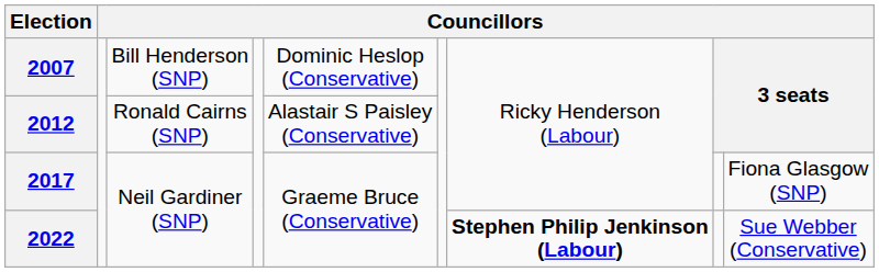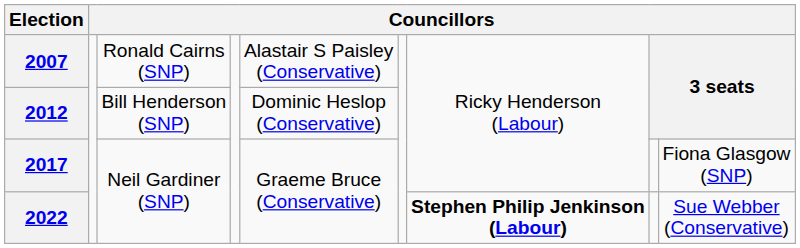 <table class="wikitable" style="text-align:center">
 <tr>
 <th>Election</th>
 <th colspan=8>Councillors</th>
 </tr>
 <tr>
 <th><a href='#'>2007</a></th>
 <td rowspan=4; style="background-color: "></td>
-<td rowspan=1>Bill Henderson<br>(<a href='#'>SNP</a>)</td>
+<td rowspan=1>Ronald Cairns<br>(<a href='#'>SNP</a>)</td>
 <td rowspan=4; style="background-color: "></td>
-<td rowspan=1>Dominic Heslop<br>(<a href='#'>Conservative</a>)</td>
+<td rowspan=1>Alastair S Paisley<br>(<a href='#'>Conservative</a>)</td>
 <td rowspan=4; style="background-color: "></td>
 <td rowspan=3>Ricky Henderson<br>(<a href='#'>Labour</a>)</td>
 <th colspan=2; rowspan=2>3 seats</th>
 </tr>
 <tr>
 <th><a href='#'>2012</a></th>
-<td rowspan=1>Ronald Cairns<br>(<a href='#'>SNP</a>)</td>
-<td rowspan=1>Alastair S Paisley<br>(<a href='#'>Conservative</a>)</td>
+<td rowspan=1>Bill Henderson<br>(<a href='#'>SNP</a>)</td>
+<td rowspan=1>Dominic Heslop<br>(<a href='#'>Conservative</a>)</td>
 </tr>
 <tr>
 <th><a href='#'>2017</a></th>
 <td rowspan=2>Neil Gardiner<br>(<a href='#'>SNP</a>)</td>
 <td rowspan=2>Graeme Bruce<br>(<a href='#'>Conservative</a>)</td>
 <td rowspan=1; style="background-color: "></td>
 <td rowspan=1>Fiona Glasgow<br>(<a href='#'>SNP</a>)</td>
 </tr>
 <tr>
 <th><a href='#'>2022</a></th>
 <td rowspan=1><strong>Stephen Philip Jenkinson<br>(<a href='#'>Labour</a>)</strong></td>
 <td rowspan=1; style="background-color: "></td>
 <td rowspan=1><a href='#'>Sue Webber</a><br>(<a href='#'>Conservative</a>)</td>
 </tr>
 </table>
